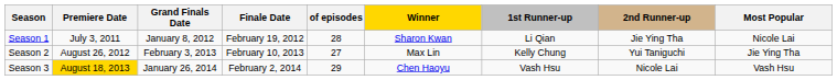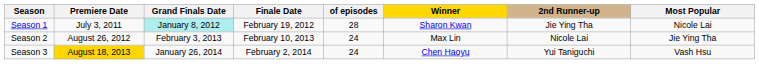 <table class="wikitable" style="text-align:center; font-size:90%;" width="99%;">
 <tr>
 <th width="4%">Season</th>
 <th width="8%">Premiere Date</th>
 <th width="8%">Grand Finals Date</th>
 <th width="8%">Finale Date</th>
 <th width="5%"> of episodes</th>
 <th style="background:gold" width="11%">Winner</th>
-<th style="background:silver" width="11%">1st Runner-up</th>
 <th style="background:tan" width="11%">2nd Runner-up</th>
 <th width="11%">Most Popular</th>
 </tr>
 <tr>
 <td><a href='#'>Season 1</a></td>
 <td>July 3, 2011</td>
-<td>January 8, 2012</td>
+<td style="background: paleturquoise;">January 8, 2012</td>
 <td>February 19, 2012</td>
 <td>28</td>
 <td><a href='#'>Sharon Kwan</a></td>
-<td>Li Qian</td>
 <td>Jie Ying Tha</td>
 <td>Nicole Lai</td>
 </tr>
 <tr>
 <td Chinese Million Star 2>Season 2</td>
 <td>August 26, 2012</td>
 <td>February 3, 2013</td>
 <td>February 10, 2013</td>
-<td>27</td>
+<td>24</td>
 <td>Max Lin</td>
-<td>Kelly Chung</td>
-<td>Yui Taniguchi</td>
+<td>Nicole Lai</td>
 <td>Jie Ying Tha</td>
 </tr>
 <tr>
 <td Chinese Million Star 3>Season 3</td>
 <td style="background: gold;">August 18, 2013</td>
 <td>January 26, 2014</td>
 <td>February 2, 2014</td>
-<td>29</td>
+<td>24</td>
 <td><a href='#'>Chen Haoyu</a></td>
-<td>Vash Hsu</td>
-<td>Nicole Lai</td>
+<td>Yui Taniguchi</td>
 <td>Vash Hsu</td>
 </tr>
 </table>
